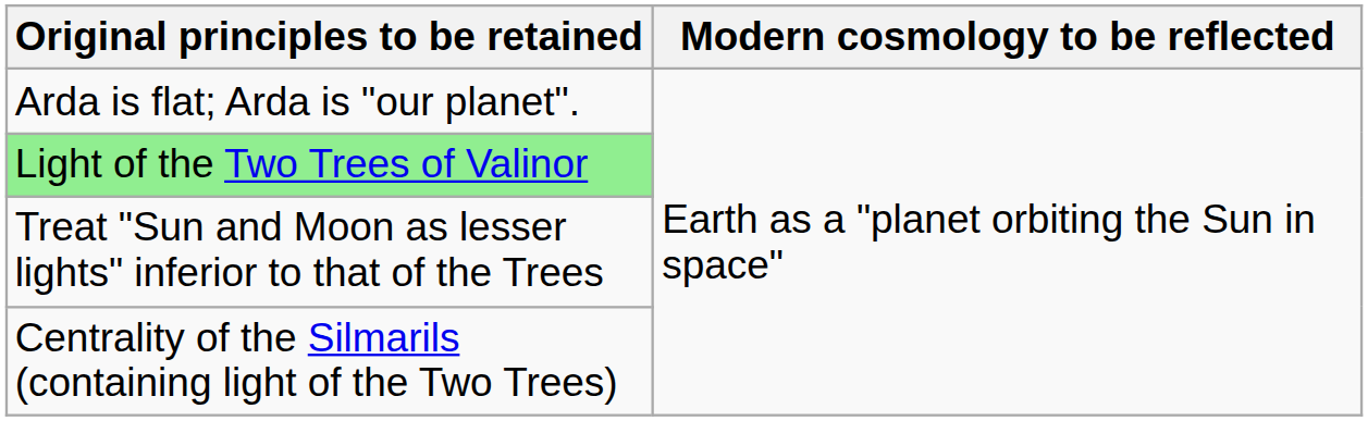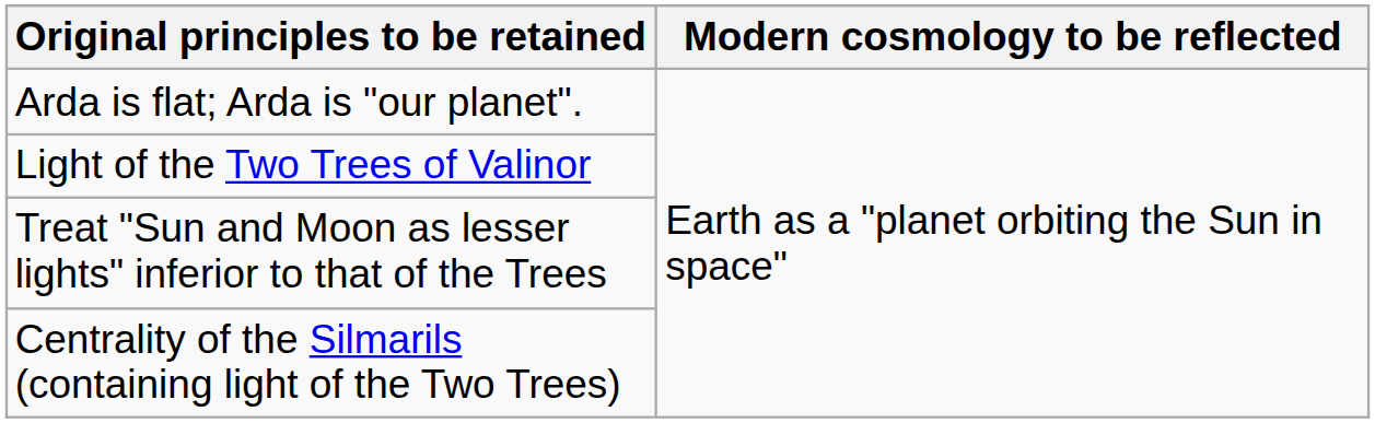 <table class="wikitable" style="margin: 1em auto;">
 <tr>
 <th style="width: 250px;">Original principles to be retained</th>
 <th style="width: 275px;">Modern cosmology to be reflected</th>
 </tr>
 <tr>
 <td>Arda is flat; Arda is "our planet".</td>
 <td rowspan=4;>Earth as a "planet orbiting the Sun in space"</td>
 </tr>
 <tr>
-<td style="background: lightgreen;">Light of the <a href='#'>Two Trees of Valinor</a></td>
+<td>Light of the <a href='#'>Two Trees of Valinor</a></td>
 </tr>
 <tr>
 <td>Treat "Sun and Moon as lesser lights" inferior to that of the Trees</td>
 </tr>
 <tr>
 <td>Centrality of the <a href='#'>Silmarils</a> (containing light of the Two Trees)</td>
 </tr>
 </table>
